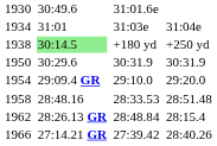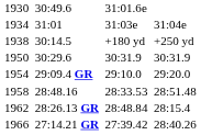 <table>
 <tr>
 <td>1930</td>
 <td></td>
 <td>30:49.6</td>
 <td></td>
 <td>31:01.6e</td>
 <td></td>
 <td></td>
 </tr>
 <tr>
 <td>1934</td>
 <td></td>
 <td>31:01</td>
 <td></td>
 <td>31:03e</td>
 <td></td>
 <td>31:04e</td>
 </tr>
 <tr>
 <td>1938</td>
 <td></td>
-<td style="background: lightgreen;">30:14.5</td>
+<td>30:14.5</td>
 <td></td>
 <td>+180 yd</td>
 <td></td>
 <td>+250 yd</td>
 </tr>
 <tr>
 <td>1950</td>
 <td></td>
 <td>30:29.6</td>
 <td></td>
 <td>30:31.9</td>
 <td></td>
 <td>30:31.9</td>
 </tr>
 <tr>
 <td>1954</td>
 <td></td>
 <td>29:09.4 <strong><a href='#'>GR</a></strong></td>
 <td></td>
 <td>29:10.0</td>
 <td></td>
 <td>29:20.0</td>
 </tr>
 <tr>
 <td>1958</td>
 <td></td>
 <td>28:48.16</td>
 <td></td>
 <td>28:33.53</td>
 <td></td>
 <td>28:51.48</td>
 </tr>
 <tr>
 <td>1962</td>
 <td></td>
 <td>28:26.13 <strong><a href='#'>GR</a></strong></td>
 <td></td>
 <td>28:48.84</td>
 <td></td>
 <td>28:15.4</td>
 </tr>
 <tr>
 <td>1966</td>
 <td></td>
 <td>27:14.21 <strong><a href='#'>GR</a></strong></td>
 <td></td>
 <td>27:39.42</td>
 <td></td>
 <td>28:40.26</td>
 </tr>
 </table>
